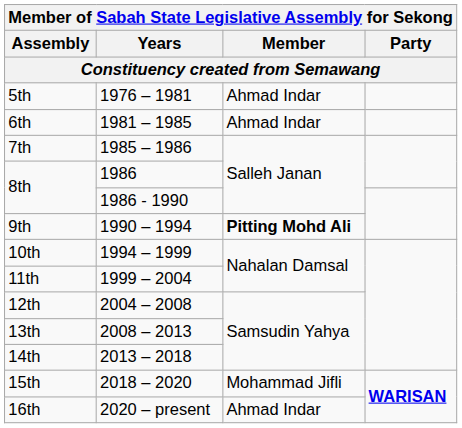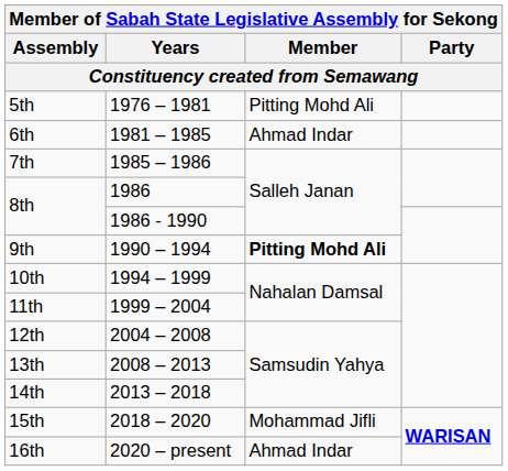 <table class="wikitable">
 <tr>
 <th colspan="4">Member of <a href='#'>Sabah State Legislative Assembly</a> for Sekong</th>
 </tr>
 <tr>
 <th>Assembly</th>
 <th>Years</th>
 <th>Member</th>
 <th>Party</th>
 </tr>
 <tr>
 <th colspan="4" align="center"><em>Constituency created from Semawang</em></th>
 </tr>
 <tr>
 <td>5th</td>
 <td>1976 – 1981</td>
-<td>Ahmad Indar</td>
+<td>Pitting Mohd Ali</td>
 <td></td>
 </tr>
 <tr>
 <td>6th</td>
 <td>1981 – 1985</td>
 <td>Ahmad Indar</td>
 <td></td>
 </tr>
 <tr>
 <td>7th</td>
 <td>1985 – 1986</td>
 <td rowspan="3">Salleh Janan</td>
 <td rowspan="2"></td>
 </tr>
 <tr>
 <td rowspan="2">8th</td>
 <td>1986</td>
 </tr>
 <tr>
 <td>1986 - 1990</td>
 <td rowspan="2"></td>
 </tr>
 <tr>
 <td>9th</td>
 <td>1990 – 1994</td>
 <td><strong>Pitting Mohd Ali</strong></td>
 </tr>
 <tr>
 <td>10th</td>
 <td>1994 – 1999</td>
 <td rowspan="2">Nahalan Damsal</td>
 <td rowspan="5"></td>
 </tr>
 <tr>
 <td>11th</td>
 <td>1999 – 2004</td>
 </tr>
 <tr>
 <td>12th</td>
 <td>2004 – 2008</td>
 <td rowspan="3">Samsudin Yahya</td>
 </tr>
 <tr>
 <td>13th</td>
 <td>2008 – 2013</td>
 </tr>
 <tr>
 <td>14th</td>
 <td>2013 – 2018</td>
 </tr>
 <tr>
 <td>15th</td>
 <td>2018 – 2020</td>
 <td>Mohammad Jifli</td>
 <td rowspan="2"><strong><a href='#'>WARISAN</a></strong></td>
 </tr>
 <tr>
 <td>16th</td>
 <td>2020 – present</td>
 <td>Ahmad Indar</td>
 </tr>
 </table>
